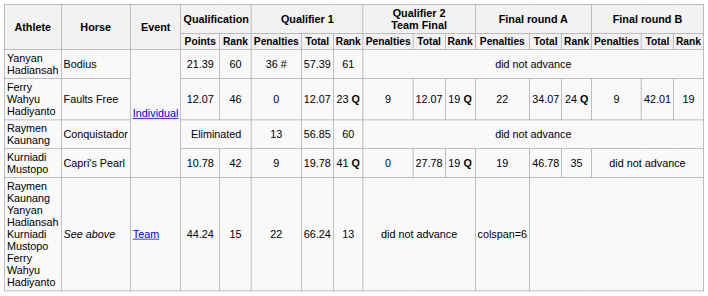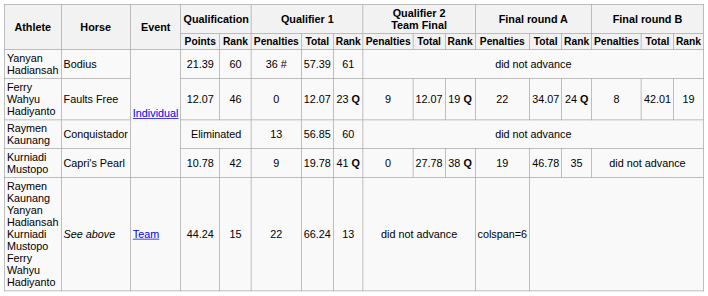 <table class=wikitable style=font-size:90%;text-align:center>
 <tr>
 <th rowspan=2>Athlete</th>
 <th rowspan=2>Horse</th>
 <th rowspan=2>Event</th>
 <th colspan=2>Qualification</th>
 <th colspan=3>Qualifier 1</th>
 <th colspan=3>Qualifier 2<br>Team Final</th>
 <th colspan=3>Final round A</th>
 <th colspan=3>Final round B</th>
 </tr>
 <tr style="font-size:95%">
 <th>Points</th>
 <th>Rank</th>
 <th>Penalties</th>
 <th>Total</th>
 <th>Rank</th>
 <th>Penalties</th>
 <th>Total</th>
 <th>Rank</th>
 <th>Penalties</th>
 <th>Total</th>
 <th>Rank</th>
 <th>Penalties</th>
 <th>Total</th>
 <th>Rank</th>
 </tr>
 <tr>
 <td align=left>Yanyan Hadiansah</td>
 <td align=left>Bodius</td>
 <td align=left rowspan=4><a href='#'>Individual</a></td>
 <td>21.39</td>
 <td>60</td>
 <td>36 #</td>
 <td>57.39</td>
 <td>61</td>
 <td colspan=9>did not advance</td>
 </tr>
 <tr>
 <td align=left>Ferry Wahyu Hadiyanto</td>
 <td align=left>Faults Free</td>
 <td>12.07</td>
 <td>46</td>
 <td>0</td>
 <td>12.07</td>
 <td>23 <strong>Q</strong></td>
 <td>9</td>
 <td>12.07</td>
 <td>19 <strong>Q</strong></td>
 <td>22</td>
 <td>34.07</td>
 <td>24 <strong>Q</strong></td>
-<td>9</td>
+<td>8</td>
 <td>42.01</td>
 <td>19</td>
 </tr>
 <tr>
 <td align=left>Raymen Kaunang</td>
 <td align=left>Conquistador</td>
 <td colspan=2>Eliminated</td>
 <td>13</td>
 <td>56.85</td>
 <td>60</td>
 <td colspan=9>did not advance</td>
 </tr>
 <tr>
 <td align=left>Kurniadi Mustopo</td>
 <td align=left>Capri's Pearl</td>
 <td>10.78</td>
 <td>42</td>
 <td>9</td>
 <td>19.78</td>
 <td>41 <strong>Q</strong></td>
 <td>0</td>
 <td>27.78</td>
-<td>19 <strong>Q</strong></td>
+<td>38 <strong>Q</strong></td>
 <td>19</td>
 <td>46.78</td>
 <td>35</td>
 <td colspan=3>did not advance</td>
 </tr>
 <tr>
 <td align=left>Raymen Kaunang<br>Yanyan Hadiansah<br>Kurniadi Mustopo<br>Ferry Wahyu Hadiyanto</td>
 <td align=left><em>See above</em></td>
 <td align=left><a href='#'>Team</a></td>
 <td>44.24</td>
 <td>15</td>
 <td>22</td>
 <td>66.24</td>
 <td>13</td>
 <td colspan=3>did not advance</td>
 <td>colspan=6 </td>
 </tr>
 </table>
